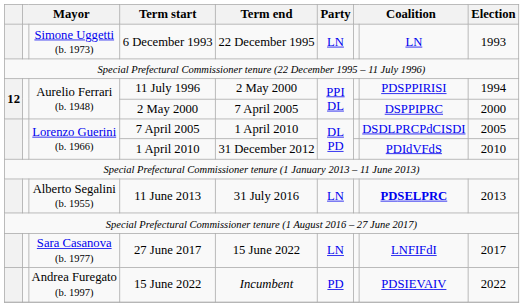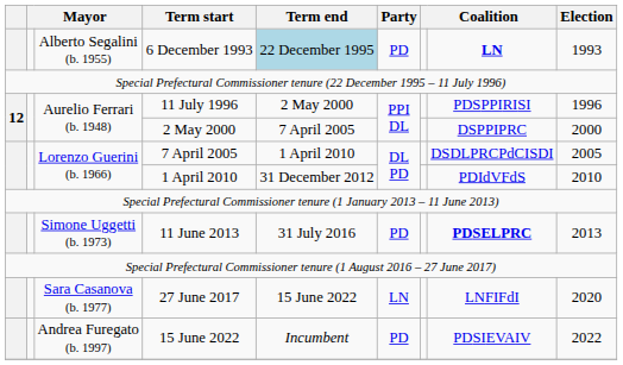 <table class="wikitable" style="text-align: center;">
 <tr>
 <th class=unsortable> </th>
 <th colspan=2>Mayor</th>
 <th>Term start</th>
 <th>Term end</th>
 <th>Party</th>
 <th colspan="2">Coalition</th>
 <th>Election</th>
 </tr>
 <tr>
 <th style="background:"></th>
 <td></td>
-<td><a href='#'>Simone Uggetti</a><br><small>(b. 1973)</small></td>
+<td>Alberto Segalini<br><small>(b. 1955)</small></td>
 <td align=center>6 December 1993</td>
-<td align=center>22 December 1995</td>
-<td align=center><a href='#'>LN</a></td>
+<td align=center style="background: lightblue;">22 December 1995</td>
+<td align=center><a href='#'>PD</a></td>
 <td style="background: "></td>
-<td align=center><a href='#'>LN</a></td>
+<td align=center><strong><a href='#'>LN</a></strong></td>
 <td align=center>1993</td>
 </tr>
 <tr>
 <td colspan=9 align=center><small><em>Special Prefectural Commissioner tenure (22 December 1995 – 11 July 1996)</em></small></td>
 </tr>
 <tr>
 <th rowspan=2 style="background:">12</th>
 <td rowspan=2></td>
 <td rowspan=2>Aurelio Ferrari<br><small>(b. 1948)</small></td>
 <td align=center>11 July 1996</td>
 <td align=center>2 May 2000</td>
 <td rowspan=2 align=center><a href='#'>PPI</a><br><a href='#'>DL</a></td>
 <td style="background: "></td>
 <td align=center><a href='#'>PDS</a><a href='#'>PPI</a><a href='#'>RI</a><a href='#'>SI</a></td>
-<td align=center>1994</td>
+<td align=center>1996</td>
 </tr>
 <tr>
 <td align=center>2 May 2000</td>
 <td align=center>7 April 2005</td>
 <td style="background: "></td>
 <td align=center><a href='#'>DS</a><a href='#'>PPI</a><a href='#'>PRC</a></td>
 <td align=center>2000</td>
 </tr>
 <tr>
 <th rowspan=2 style="background:"></th>
 <td rowspan=2></td>
 <td rowspan=2><a href='#'>Lorenzo Guerini</a><br><small>(b. 1966)</small></td>
 <td align=center>7 April 2005</td>
 <td align=center>1 April 2010</td>
 <td rowspan=2 align=center><a href='#'>DL</a><br><a href='#'>PD</a></td>
 <td style="background: "></td>
 <td align=center><a href='#'>DS</a><a href='#'>DL</a><a href='#'>PRC</a><a href='#'>PdCI</a><a href='#'>SDI</a></td>
 <td align=center>2005</td>
 </tr>
 <tr>
 <td align=center>1 April 2010</td>
 <td align=center>31 December 2012</td>
 <td style="background: "></td>
 <td align=center><a href='#'>PD</a><a href='#'>IdV</a><a href='#'>FdS</a></td>
 <td align=center>2010</td>
 </tr>
 <tr>
 <td colspan=9 align=center><small><em>Special Prefectural Commissioner tenure (1 January 2013 – 11 June 2013)</em></small></td>
 </tr>
 <tr>
 <th style="background:"></th>
 <td></td>
-<td>Alberto Segalini<br><small>(b. 1955)</small></td>
+<td><a href='#'>Simone Uggetti</a><br><small>(b. 1973)</small></td>
 <td align=center>11 June 2013</td>
 <td align=center>31 July 2016</td>
-<td align=center><a href='#'>LN</a></td>
+<td align=center><a href='#'>PD</a></td>
 <td style="background: "></td>
 <td align=center><strong><a href='#'>PD</a><a href='#'>SEL</a><a href='#'>PRC</a></strong></td>
 <td align=center>2013</td>
 </tr>
 <tr>
 <td colspan=9 align=center><small><em>Special Prefectural Commissioner tenure (1 August 2016 – 27 June 2017)</em></small></td>
 </tr>
 <tr>
 <th style="background:"></th>
 <td></td>
 <td><a href='#'>Sara Casanova</a><br><small>(b. 1977)</small></td>
 <td align=center>27 June 2017</td>
 <td align=center>15 June 2022</td>
 <td align=center><a href='#'>LN</a></td>
 <td style="background: "></td>
 <td align=center><a href='#'>LN</a><a href='#'>FI</a><a href='#'>FdI</a></td>
-<td align=center>2017</td>
+<td align=center>2020</td>
 </tr>
 <tr>
 <th style="background:"></th>
 <td></td>
 <td>Andrea Furegato<br><small>(b. 1997)</small></td>
 <td align=center>15 June 2022</td>
 <td align=center><em>Incumbent</em></td>
 <td align=center><a href='#'>PD</a></td>
 <td style="background: "></td>
 <td align=center><a href='#'>PD</a><a href='#'>SI</a><a href='#'>EV</a><a href='#'>A</a><a href='#'>IV</a></td>
 <td align=center>2022</td>
 </tr>
 <tr>
 </tr>
 </table>
